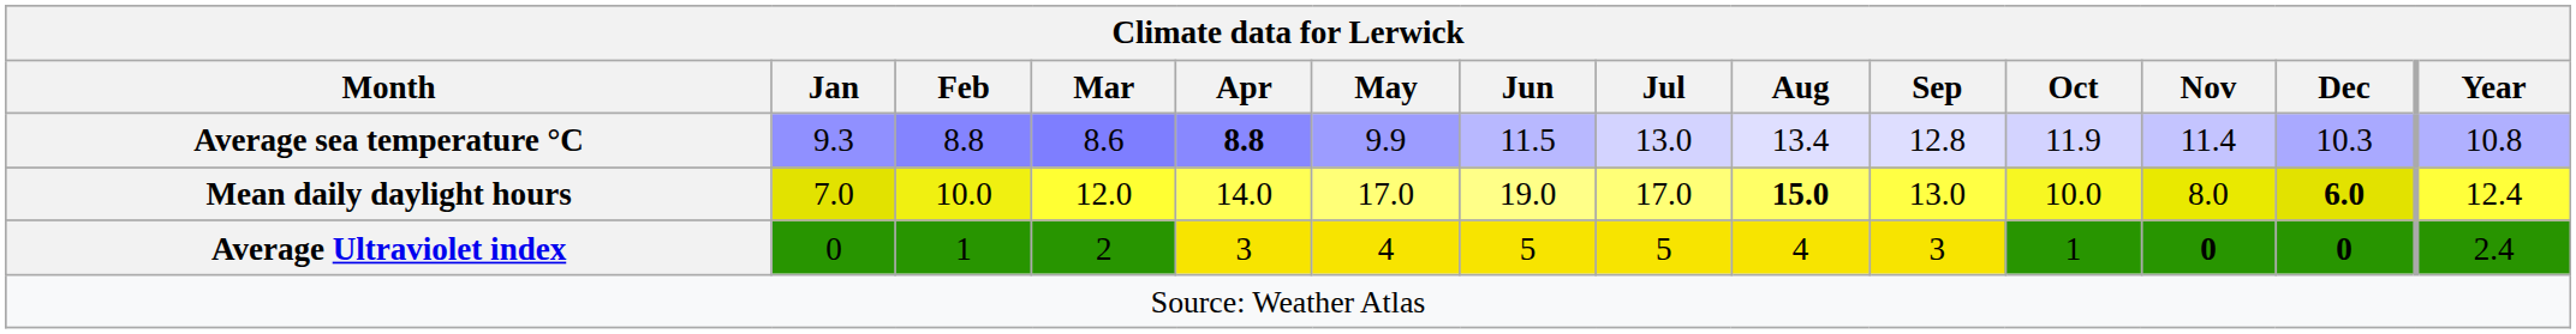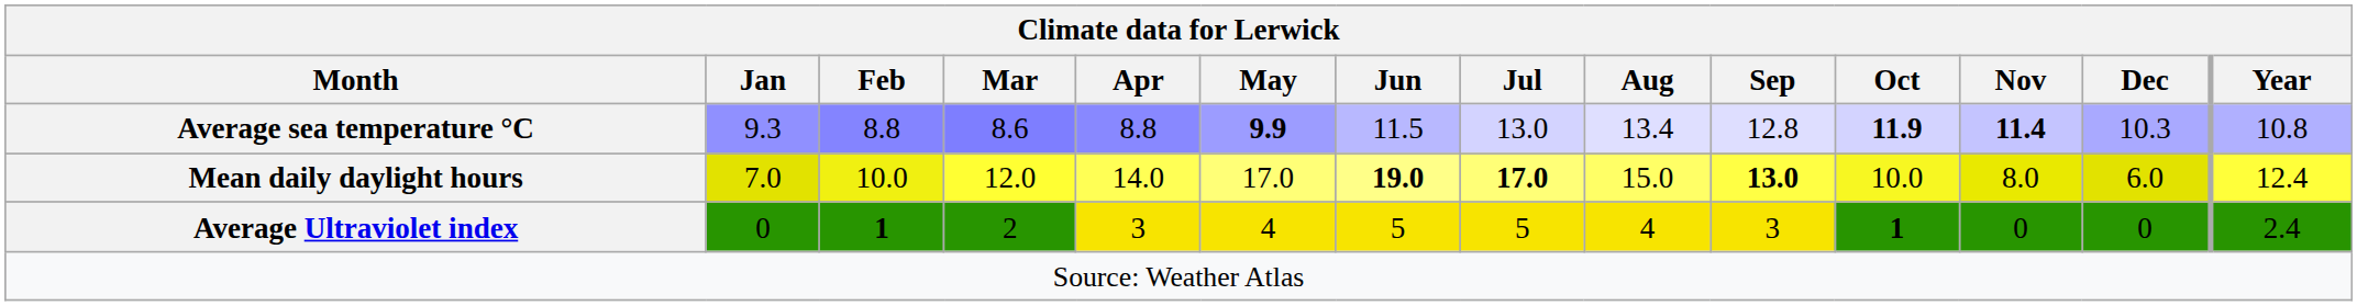 <table style="width:100%;text-align:center;line-height:1.2em;margin-left:auto;margin-right:auto" class="wikitable mw-collapsible">
 <tr>
 <th Colspan=14>Climate data for Lerwick</th>
 </tr>
 <tr>
 <th>Month</th>
 <th>Jan</th>
 <th>Feb</th>
 <th>Mar</th>
 <th>Apr</th>
 <th>May</th>
 <th>Jun</th>
 <th>Jul</th>
 <th>Aug</th>
 <th>Sep</th>
 <th>Oct</th>
 <th>Nov</th>
 <th>Dec</th>
 <th style="border-left-width:medium">Year</th>
 </tr>
 <tr>
 <th>Average sea temperature °C</th>
 <td style="background:#9090FF;color:#000000;">9.3<br></td>
 <td style="background:#8484FF;color:#000000;">8.8<br></td>
 <td style="background:#7E7EFF;color:#000000;">8.6<br></td>
-<td style="background:#8888FF;color:#000000;"><strong>8.8<br></strong></td>
-<td style="background:#9C9CFF;color:#000000;">9.9<br></td>
+<td style="background:#8888FF;color:#000000;">8.8<br></td>
+<td style="background:#9C9CFF;color:#000000;"><strong>9.9<br></strong></td>
 <td style="background:#B8B8FF;color:#000000;">11.5<br></td>
 <td style="background:#D3D3FF;color:#000000;">13.0<br></td>
 <td style="background:#DFDFFF;color:#000000;">13.4<br></td>
 <td style="background:#DEDEFF;color:#000000;">12.8<br></td>
-<td style="background:#D3D3FF;color:#000000;">11.9<br></td>
-<td style="background:#C4C4FF;color:#000000;">11.4<br></td>
+<td style="background:#D3D3FF;color:#000000;"><strong>11.9<br></strong></td>
+<td style="background:#C4C4FF;color:#000000;"><strong>11.4<br></strong></td>
 <td style="background:#A9A9FF;color:#000000;">10.3<br></td>
 <td style="background:#B0B0FF;color:#000000;border-left-width:medium">10.8<br></td>
 </tr>
 <tr>
 <th>Mean daily daylight hours</th>
 <td style="background:#E2E200;color:#000000;">7.0</td>
 <td style="background:#F0F011;color:#000000;">10.0</td>
 <td style="background:#FFFF33;color:#000000;">12.0</td>
 <td style="background:#FFFF55;color:#000000;">14.0</td>
 <td style="background:#FFFF77;color:#000000;">17.0</td>
-<td style="background:#FFFF88;color:#000000;">19.0</td>
-<td style="background:#FFFF77;color:#000000;">17.0</td>
-<td style="background:#FFFF66;color:#000000;"><strong>15.0</strong></td>
-<td style="background:#FFFF44;color:#000000;">13.0</td>
+<td style="background:#FFFF88;color:#000000;"><strong>19.0</strong></td>
+<td style="background:#FFFF77;color:#000000;"><strong>17.0</strong></td>
+<td style="background:#FFFF66;color:#000000;">15.0</td>
+<td style="background:#FFFF44;color:#000000;"><strong>13.0</strong></td>
 <td style="background:#F7F722;color:#000000;">10.0</td>
 <td style="background:#E9E900;color:#000000;">8.0</td>
-<td style="background:#E2E200;color:#000000;"><strong>6.0</strong></td>
+<td style="background:#E2E200;color:#000000;">6.0</td>
 <td style="background:#FFFF3A;color:#000000;border-left-width:medium">12.4</td>
 </tr>
 <tr>
 <th>Average <a href='#'>Ultraviolet index</a></th>
 <td style="background:#289500;color:#000000;">0</td>
-<td style="background:#289500;color:#000000;">1</td>
+<td style="background:#289500;color:#000000;"><strong>1</strong></td>
 <td style="background:#289500;color:#000000;">2</td>
 <td style="background:#f7e400;color:#000000;">3</td>
 <td style="background:#f7e400;color:#000000;">4</td>
 <td style="background:#f7e400;color:#000000;">5</td>
 <td style="background:#f7e400;color:#000000;">5</td>
 <td style="background:#f7e400;color:#000000;">4</td>
 <td style="background:#f7e400;color:#000000;">3</td>
-<td style="background:#289500;color:#000000;">1</td>
-<td style="background:#289500;color:#000000;"><strong>0</strong></td>
-<td style="background:#289500;color:#000000;"><strong>0</strong></td>
+<td style="background:#289500;color:#000000;"><strong>1</strong></td>
+<td style="background:#289500;color:#000000;">0</td>
+<td style="background:#289500;color:#000000;">0</td>
 <td style="background:#289400;color:#000000;border-left-width:medium">2.4</td>
 </tr>
 <tr>
 <th Colspan=14 style="background:#f8f9fa;font-weight:normal;font-size:95%;">Source: Weather Atlas</th>
 </tr>
 </table>
